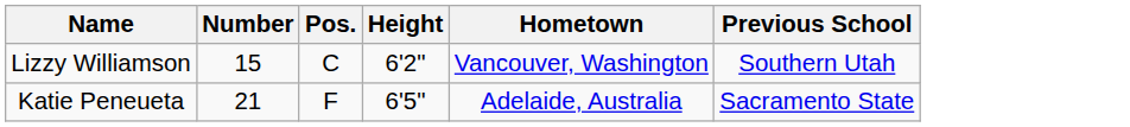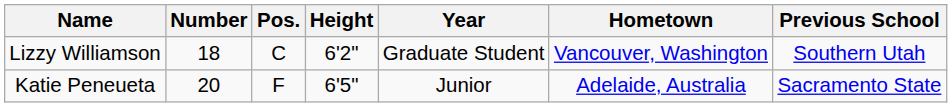 <table class="wikitable sortable" border="1" style="text-align: center;">
 <tr align=center>
 <th>Name</th>
 <th>Number</th>
 <th>Pos.</th>
 <th>Height</th>
+<th>Year</th>
 <th>Hometown</th>
 <th>Previous School</th>
 </tr>
 <tr>
 <td>Lizzy Williamson</td>
-<td>15</td>
+<td>18</td>
 <td>C</td>
 <td>6'2"</td>
+<td>Graduate Student</td>
 <td><a href='#'>Vancouver, Washington</a></td>
 <td><a href='#'>Southern Utah</a></td>
 </tr>
 <tr>
 <td>Katie Peneueta</td>
-<td>21</td>
+<td>20</td>
 <td>F</td>
 <td>6'5"</td>
+<td>Junior</td>
 <td><a href='#'>Adelaide, Australia</a></td>
 <td><a href='#'>Sacramento State</a></td>
 </tr>
 </table>
